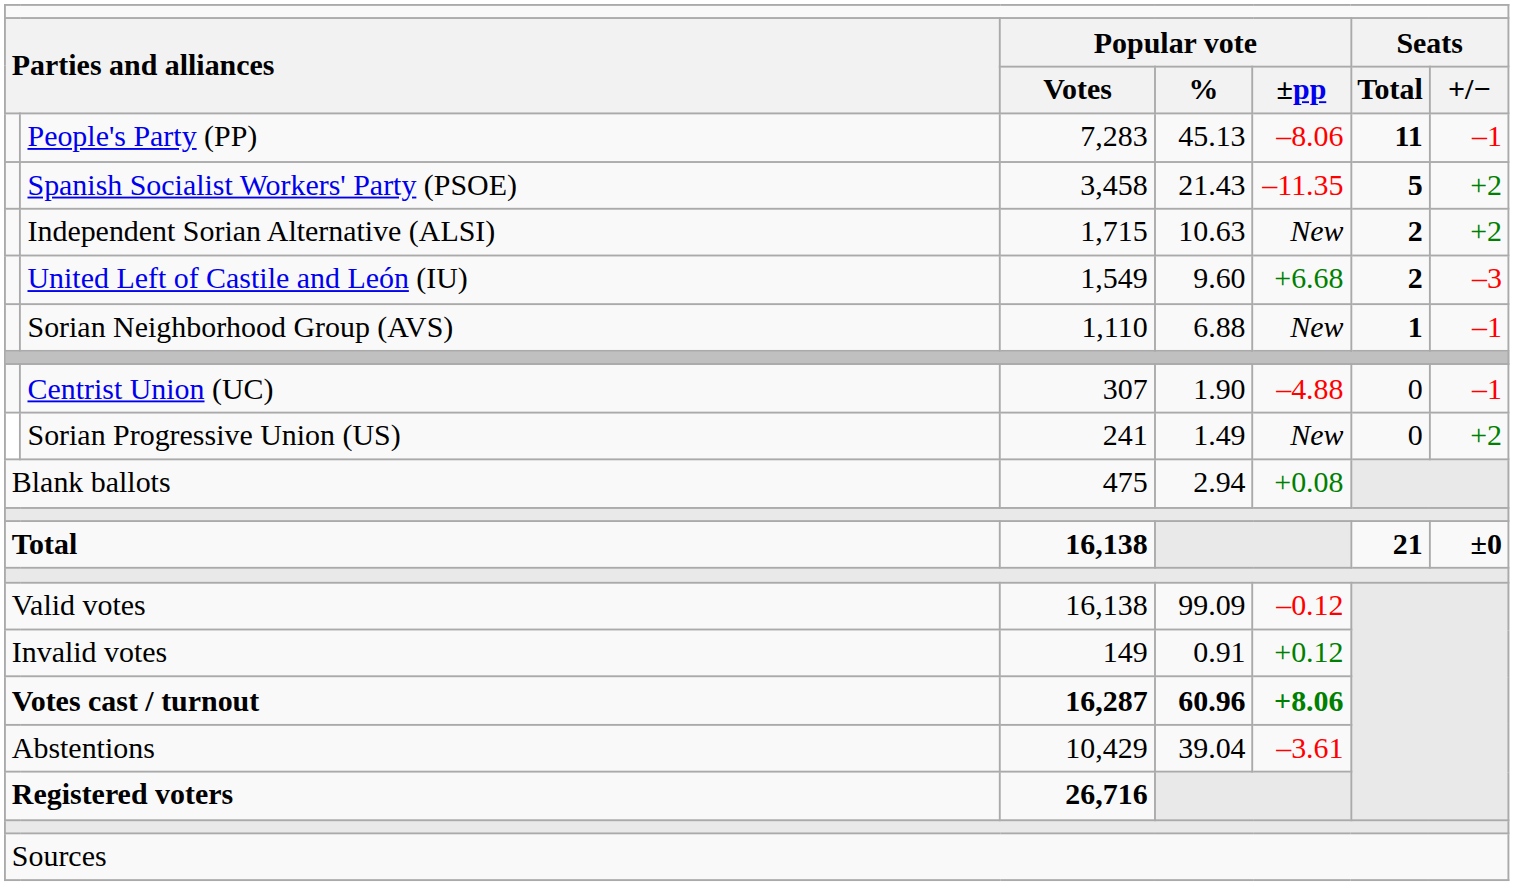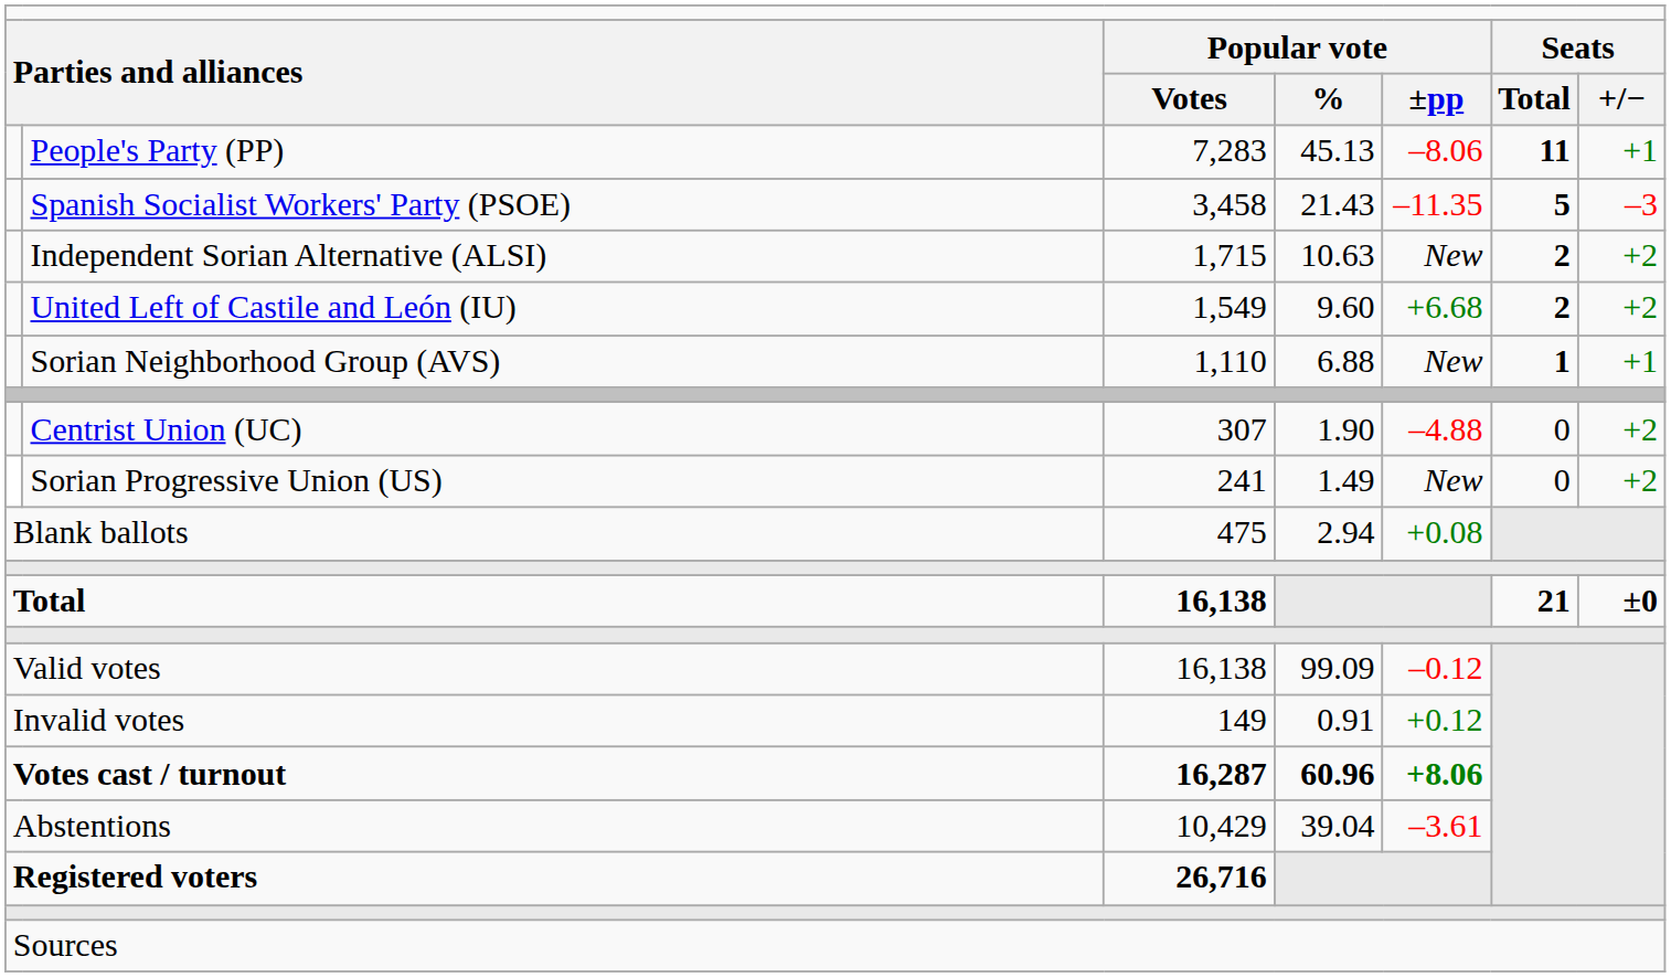 <table class="wikitable" style="text-align:right;">
 <tr>
 <td colspan="7"></td>
 </tr>
 <tr>
 <th style="text-align:left;" rowspan="2" colspan="2" width="525">Parties and alliances</th>
 <th colspan="3">Popular vote</th>
 <th colspan="2">Seats</th>
 </tr>
 <tr>
 <th width="75">Votes</th>
 <th width="45">%</th>
 <th width="45">±<a href='#'>pp</a></th>
 <th width="35">Total</th>
 <th width="35">+/−</th>
 </tr>
 <tr>
 <td width="1" style="color:inherit;background:"></td>
 <td align="left"><a href='#'>People's Party</a> (PP)</td>
 <td>7,283</td>
 <td>45.13</td>
 <td style="color:red;">–8.06</td>
 <td><strong>11</strong></td>
-<td style="color:red;">–1</td>
+<td style="color:green;">+1</td>
 </tr>
 <tr>
 <td style="color:inherit;background:"></td>
 <td align="left"><a href='#'>Spanish Socialist Workers' Party</a> (PSOE)</td>
 <td>3,458</td>
 <td>21.43</td>
 <td style="color:red;">–11.35</td>
 <td><strong>5</strong></td>
-<td style="color:green;">+2</td>
+<td style="color:red;">–3</td>
 </tr>
 <tr>
 <td style="color:inherit;background:"></td>
 <td align="left">Independent Sorian Alternative (ALSI)</td>
 <td>1,715</td>
 <td>10.63</td>
 <td><em>New</em></td>
 <td><strong>2</strong></td>
 <td style="color:green;">+2</td>
 </tr>
 <tr>
 <td style="color:inherit;background:"></td>
 <td align="left"><a href='#'>United Left of Castile and León</a> (IU)</td>
 <td>1,549</td>
 <td>9.60</td>
 <td style="color:green;">+6.68</td>
 <td><strong>2</strong></td>
-<td style="color:red;">–3</td>
+<td style="color:green;">+2</td>
 </tr>
 <tr>
 <td style="color:inherit;background:"></td>
 <td align="left">Sorian Neighborhood Group (AVS)</td>
 <td>1,110</td>
 <td>6.88</td>
 <td><em>New</em></td>
 <td><strong>1</strong></td>
-<td style="color:red;">–1</td>
+<td style="color:green;">+1</td>
 </tr>
 <tr>
 <td colspan="7" bgcolor="#C0C0C0"></td>
 </tr>
 <tr>
 <td style="color:inherit;background:"></td>
 <td align="left"><a href='#'>Centrist Union</a> (UC)</td>
 <td>307</td>
 <td>1.90</td>
 <td style="color:red;">–4.88</td>
 <td>0</td>
-<td style="color:red;">–1</td>
+<td style="color:green;">+2</td>
 </tr>
 <tr>
 <td bgcolor="white"></td>
 <td align="left">Sorian Progressive Union (US)</td>
 <td>241</td>
 <td>1.49</td>
 <td><em>New</em></td>
 <td>0</td>
 <td style="color:green;">+2</td>
 </tr>
 <tr>
 <td align="left" colspan="2">Blank ballots</td>
 <td>475</td>
 <td>2.94</td>
 <td style="color:green;">+0.08</td>
 <td bgcolor="#E9E9E9" colspan="2"></td>
 </tr>
 <tr>
 <td colspan="7" bgcolor="#E9E9E9"></td>
 </tr>
 <tr style="font-weight:bold;">
 <td align="left" colspan="2">Total</td>
 <td>16,138</td>
 <td bgcolor="#E9E9E9" colspan="2"></td>
 <td>21</td>
 <td>±0</td>
 </tr>
 <tr>
 <td colspan="7" bgcolor="#E9E9E9"></td>
 </tr>
 <tr>
 <td align="left" colspan="2">Valid votes</td>
 <td>16,138</td>
 <td>99.09</td>
 <td style="color:red;">–0.12</td>
 <td bgcolor="#E9E9E9" colspan="2" rowspan="5"></td>
 </tr>
 <tr>
 <td align="left" colspan="2">Invalid votes</td>
 <td>149</td>
 <td>0.91</td>
 <td style="color:green;">+0.12</td>
 </tr>
 <tr style="font-weight:bold;">
 <td align="left" colspan="2">Votes cast / turnout</td>
 <td>16,287</td>
 <td>60.96</td>
 <td style="color:green;">+8.06</td>
 </tr>
 <tr>
 <td align="left" colspan="2">Abstentions</td>
 <td>10,429</td>
 <td>39.04</td>
 <td style="color:red;">–3.61</td>
 </tr>
 <tr style="font-weight:bold;">
 <td align="left" colspan="2">Registered voters</td>
 <td>26,716</td>
 <td bgcolor="#E9E9E9" colspan="2"></td>
 </tr>
 <tr>
 <td colspan="7" bgcolor="#E9E9E9"></td>
 </tr>
 <tr>
 <td align="left" colspan="7">Sources</td>
 </tr>
 </table>
